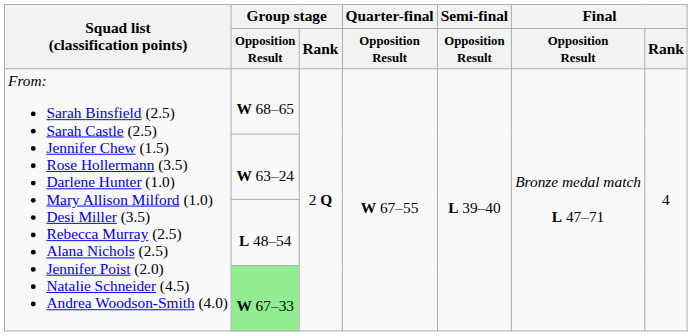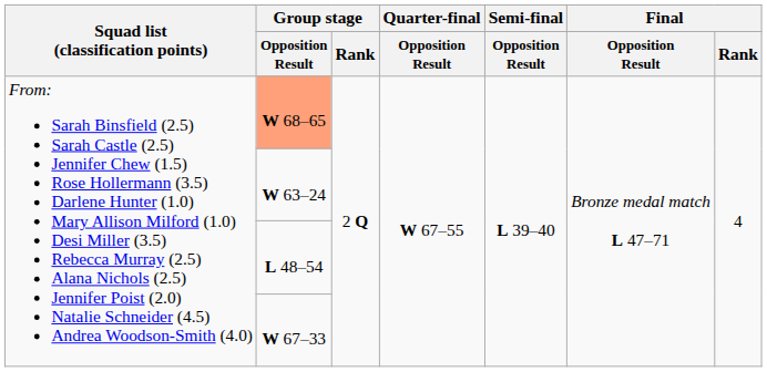 <table class=wikitable>
 <tr>
 <th rowspan="2">Squad list<br>(classification points)</th>
 <th colspan="2">Group stage</th>
 <th>Quarter-final</th>
 <th>Semi-final</th>
 <th colspan="2">Final</th>
 </tr>
 <tr>
 <th style="line-height:1em"><small>Opposition<br>Result</small></th>
 <th>Rank</th>
 <th style="line-height:1em"><small>Opposition<br>Result</small></th>
 <th style="line-height:1em"><small>Opposition<br>Result</small></th>
 <th style="line-height:1em"><small>Opposition<br>Result</small></th>
 <th>Rank</th>
 </tr>
 <tr>
 <td rowspan="4"><em>From:</em><br><ul><li><a href='#'>Sarah Binsfield</a> (2.5)</li><li><a href='#'>Sarah Castle</a> (2.5)</li><li><a href='#'>Jennifer Chew</a> (1.5)</li><li><a href='#'>Rose Hollermann</a> (3.5)</li><li><a href='#'>Darlene Hunter</a> (1.0)</li><li><a href='#'>Mary Allison Milford</a> (1.0)</li><li><a href='#'>Desi Miller</a> (3.5)</li><li><a href='#'>Rebecca Murray</a> (2.5)</li><li><a href='#'>Alana Nichols</a> (2.5)</li><li><a href='#'>Jennifer Poist</a> (2.0)</li><li><a href='#'>Natalie Schneider</a> (4.5)</li><li><a href='#'>Andrea Woodson-Smith</a> (4.0)</li></ul></td>
-<td style="text-align:center;"><br><strong>W</strong> 68–65</td>
+<td style="background: lightsalmon; text-align:center;"><br><strong>W</strong> 68–65</td>
 <td style="text-align:center;" rowspan="4">2 <strong>Q</strong></td>
 <td style="text-align:center;" rowspan="4"><br><strong>W</strong> 67–55</td>
 <td style="text-align:center;" rowspan="4"><br><strong>L</strong> 39–40</td>
 <td style="text-align:center;" rowspan="4"><em>Bronze medal match</em><br><br><strong>L</strong> 47–71</td>
 <td style="text-align:center;" rowspan="4">4</td>
 </tr>
 <tr>
 <td style="text-align:center;"><br><strong>W</strong> 63–24</td>
 </tr>
 <tr>
 <td style="text-align:center;"><br><strong>L</strong> 48–54</td>
 </tr>
 <tr>
-<td style="background: lightgreen; text-align:center;"><br><strong>W</strong> 67–33</td>
+<td style="text-align:center;"><br><strong>W</strong> 67–33</td>
 </tr>
 </table>
